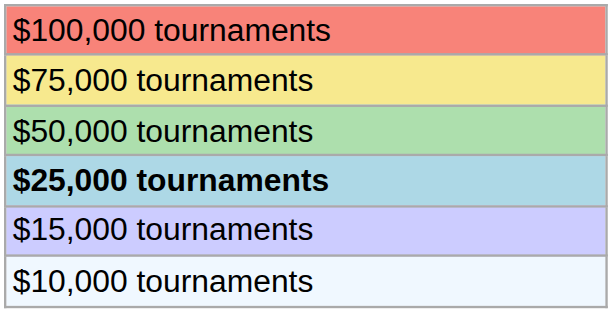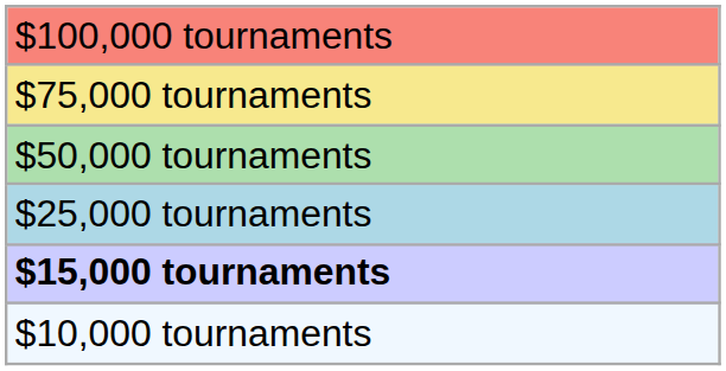 <table class="wikitable" style="font-size:85%;" width=13%>
 <tr style="background:#f88379;">
 <td>$100,000 tournaments</td>
 </tr>
 <tr style="background:#f7e98e;">
 <td>$75,000 tournaments</td>
 </tr>
 <tr style="background:#addfad;">
 <td>$50,000 tournaments</td>
 </tr>
 <tr style="background:lightblue;">
-<td><strong>$25,000 tournaments</strong></td>
+<td>$25,000 tournaments</td>
 </tr>
 <tr style="background:#ccccff;">
-<td>$15,000 tournaments</td>
+<td><strong>$15,000 tournaments</strong></td>
 </tr>
 <tr style="background:#f0f8ff;">
 <td>$10,000 tournaments</td>
 </tr>
 </table>
